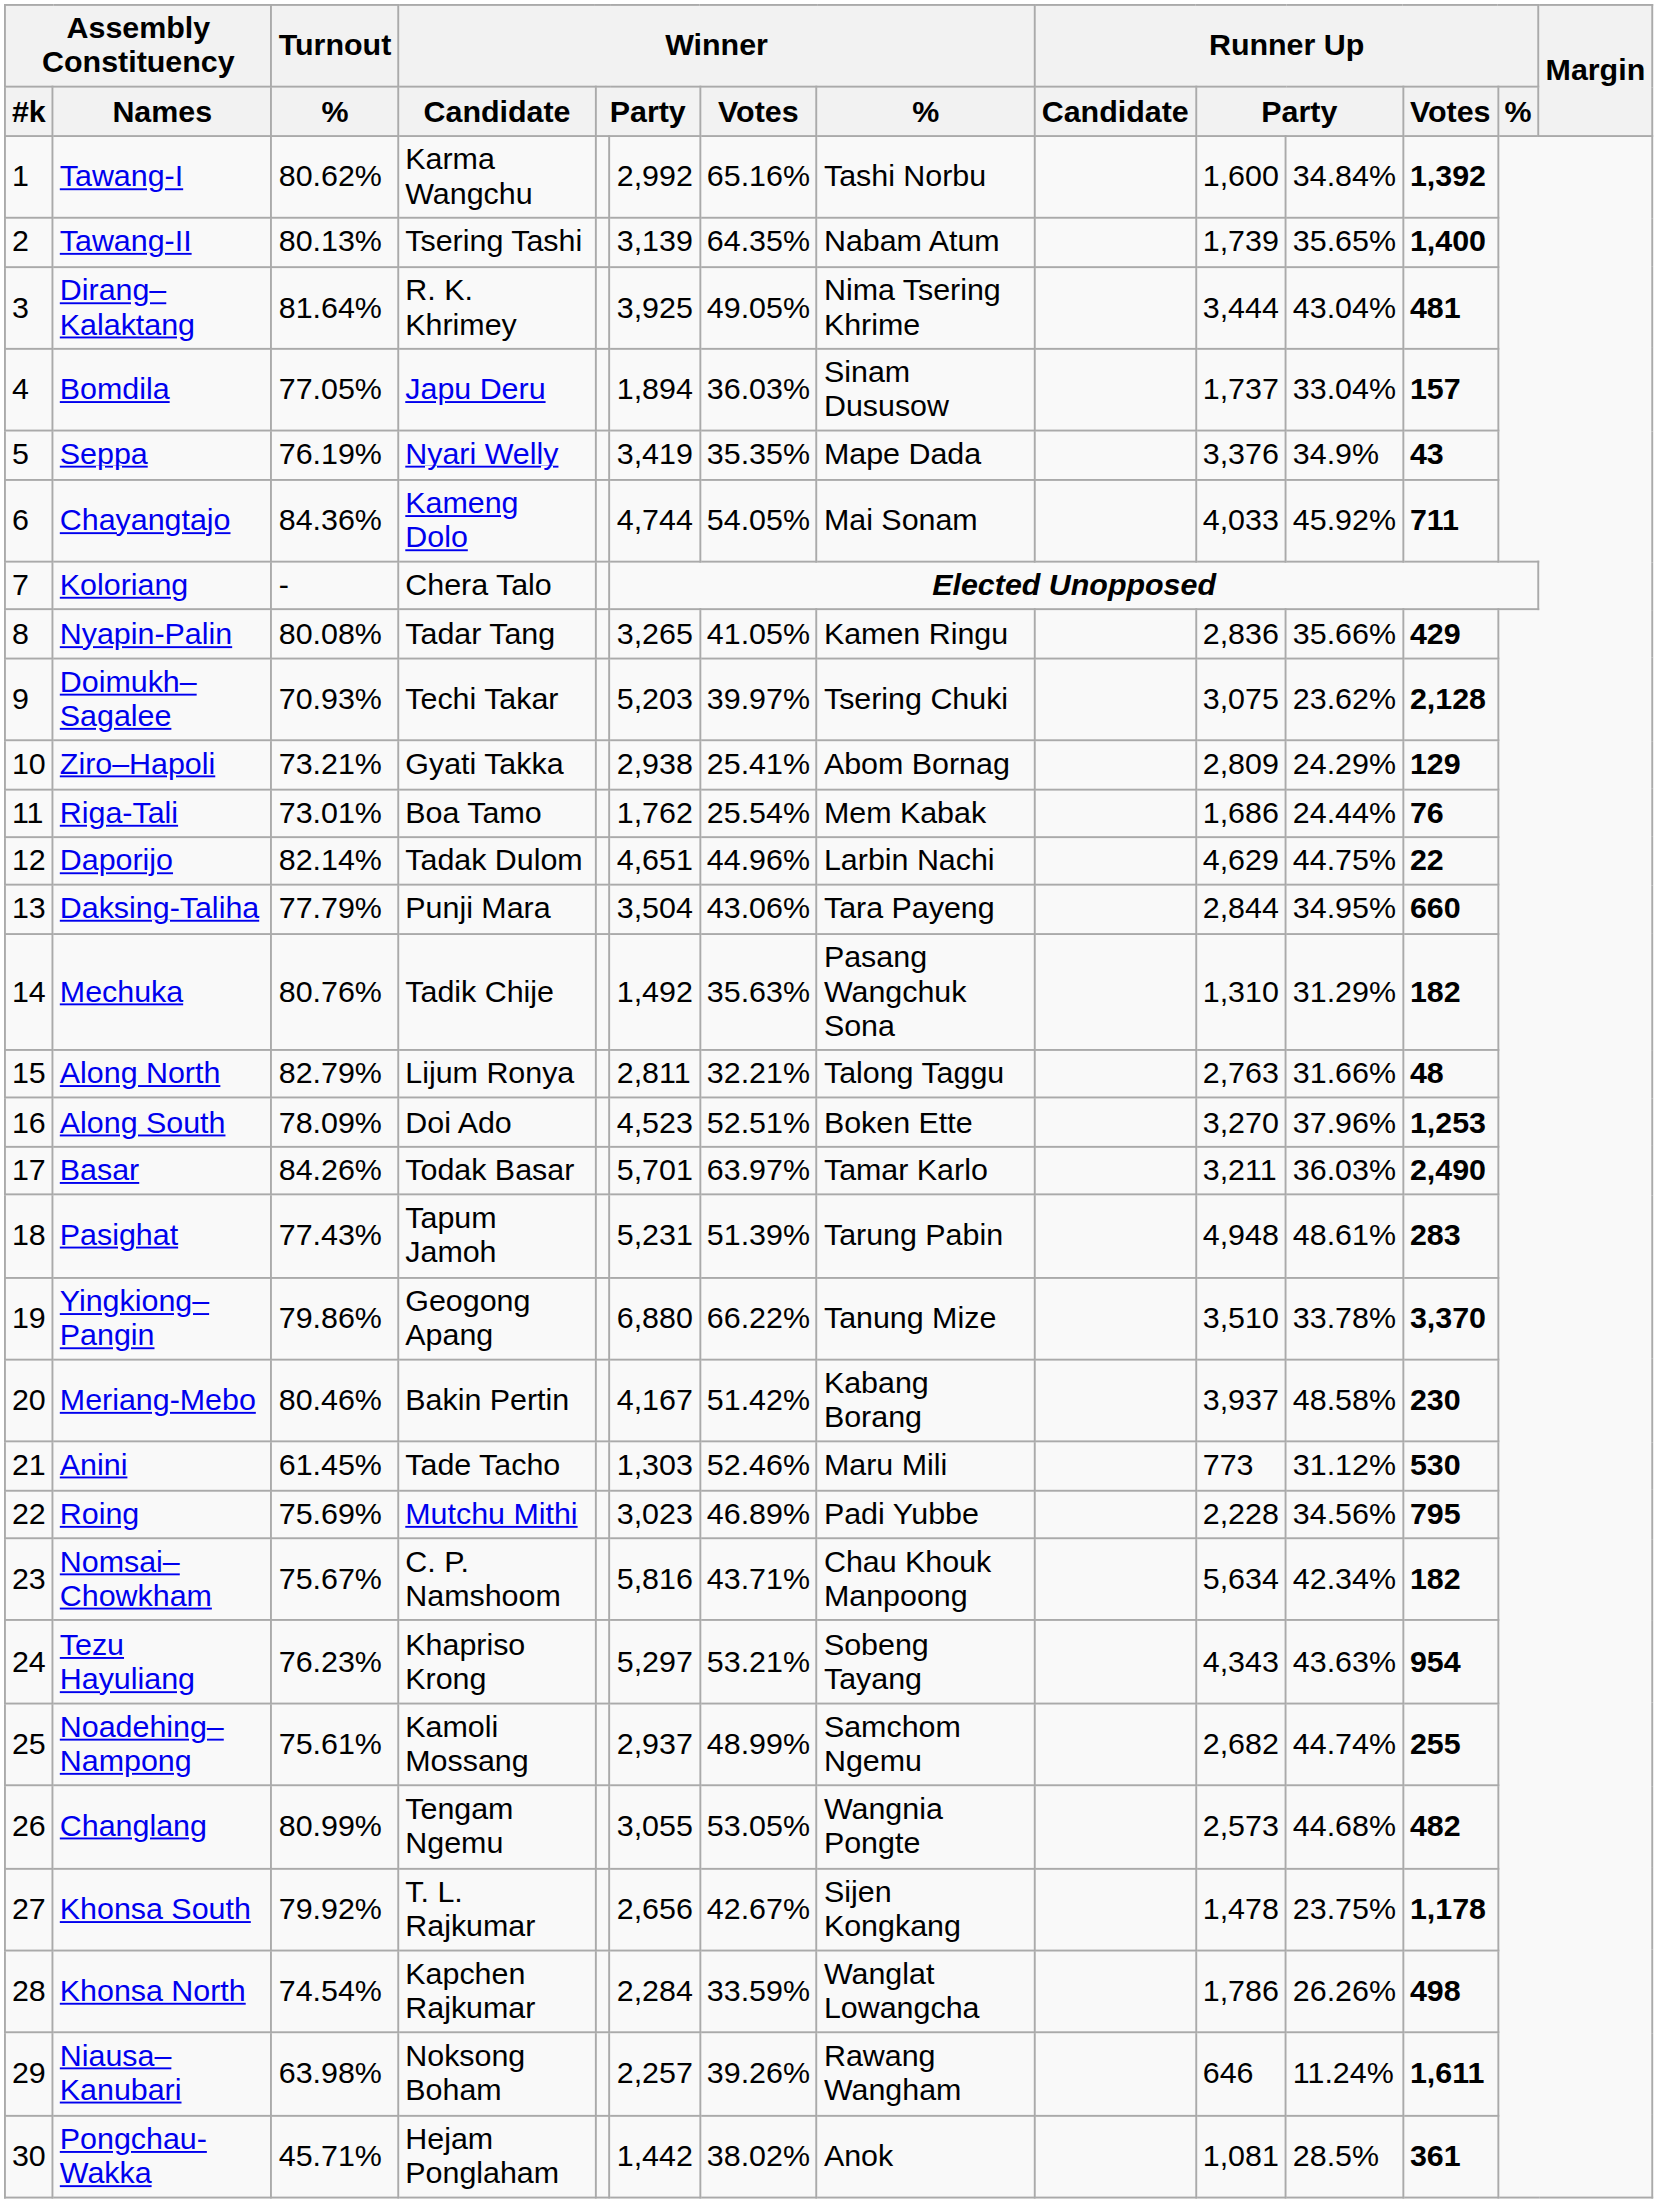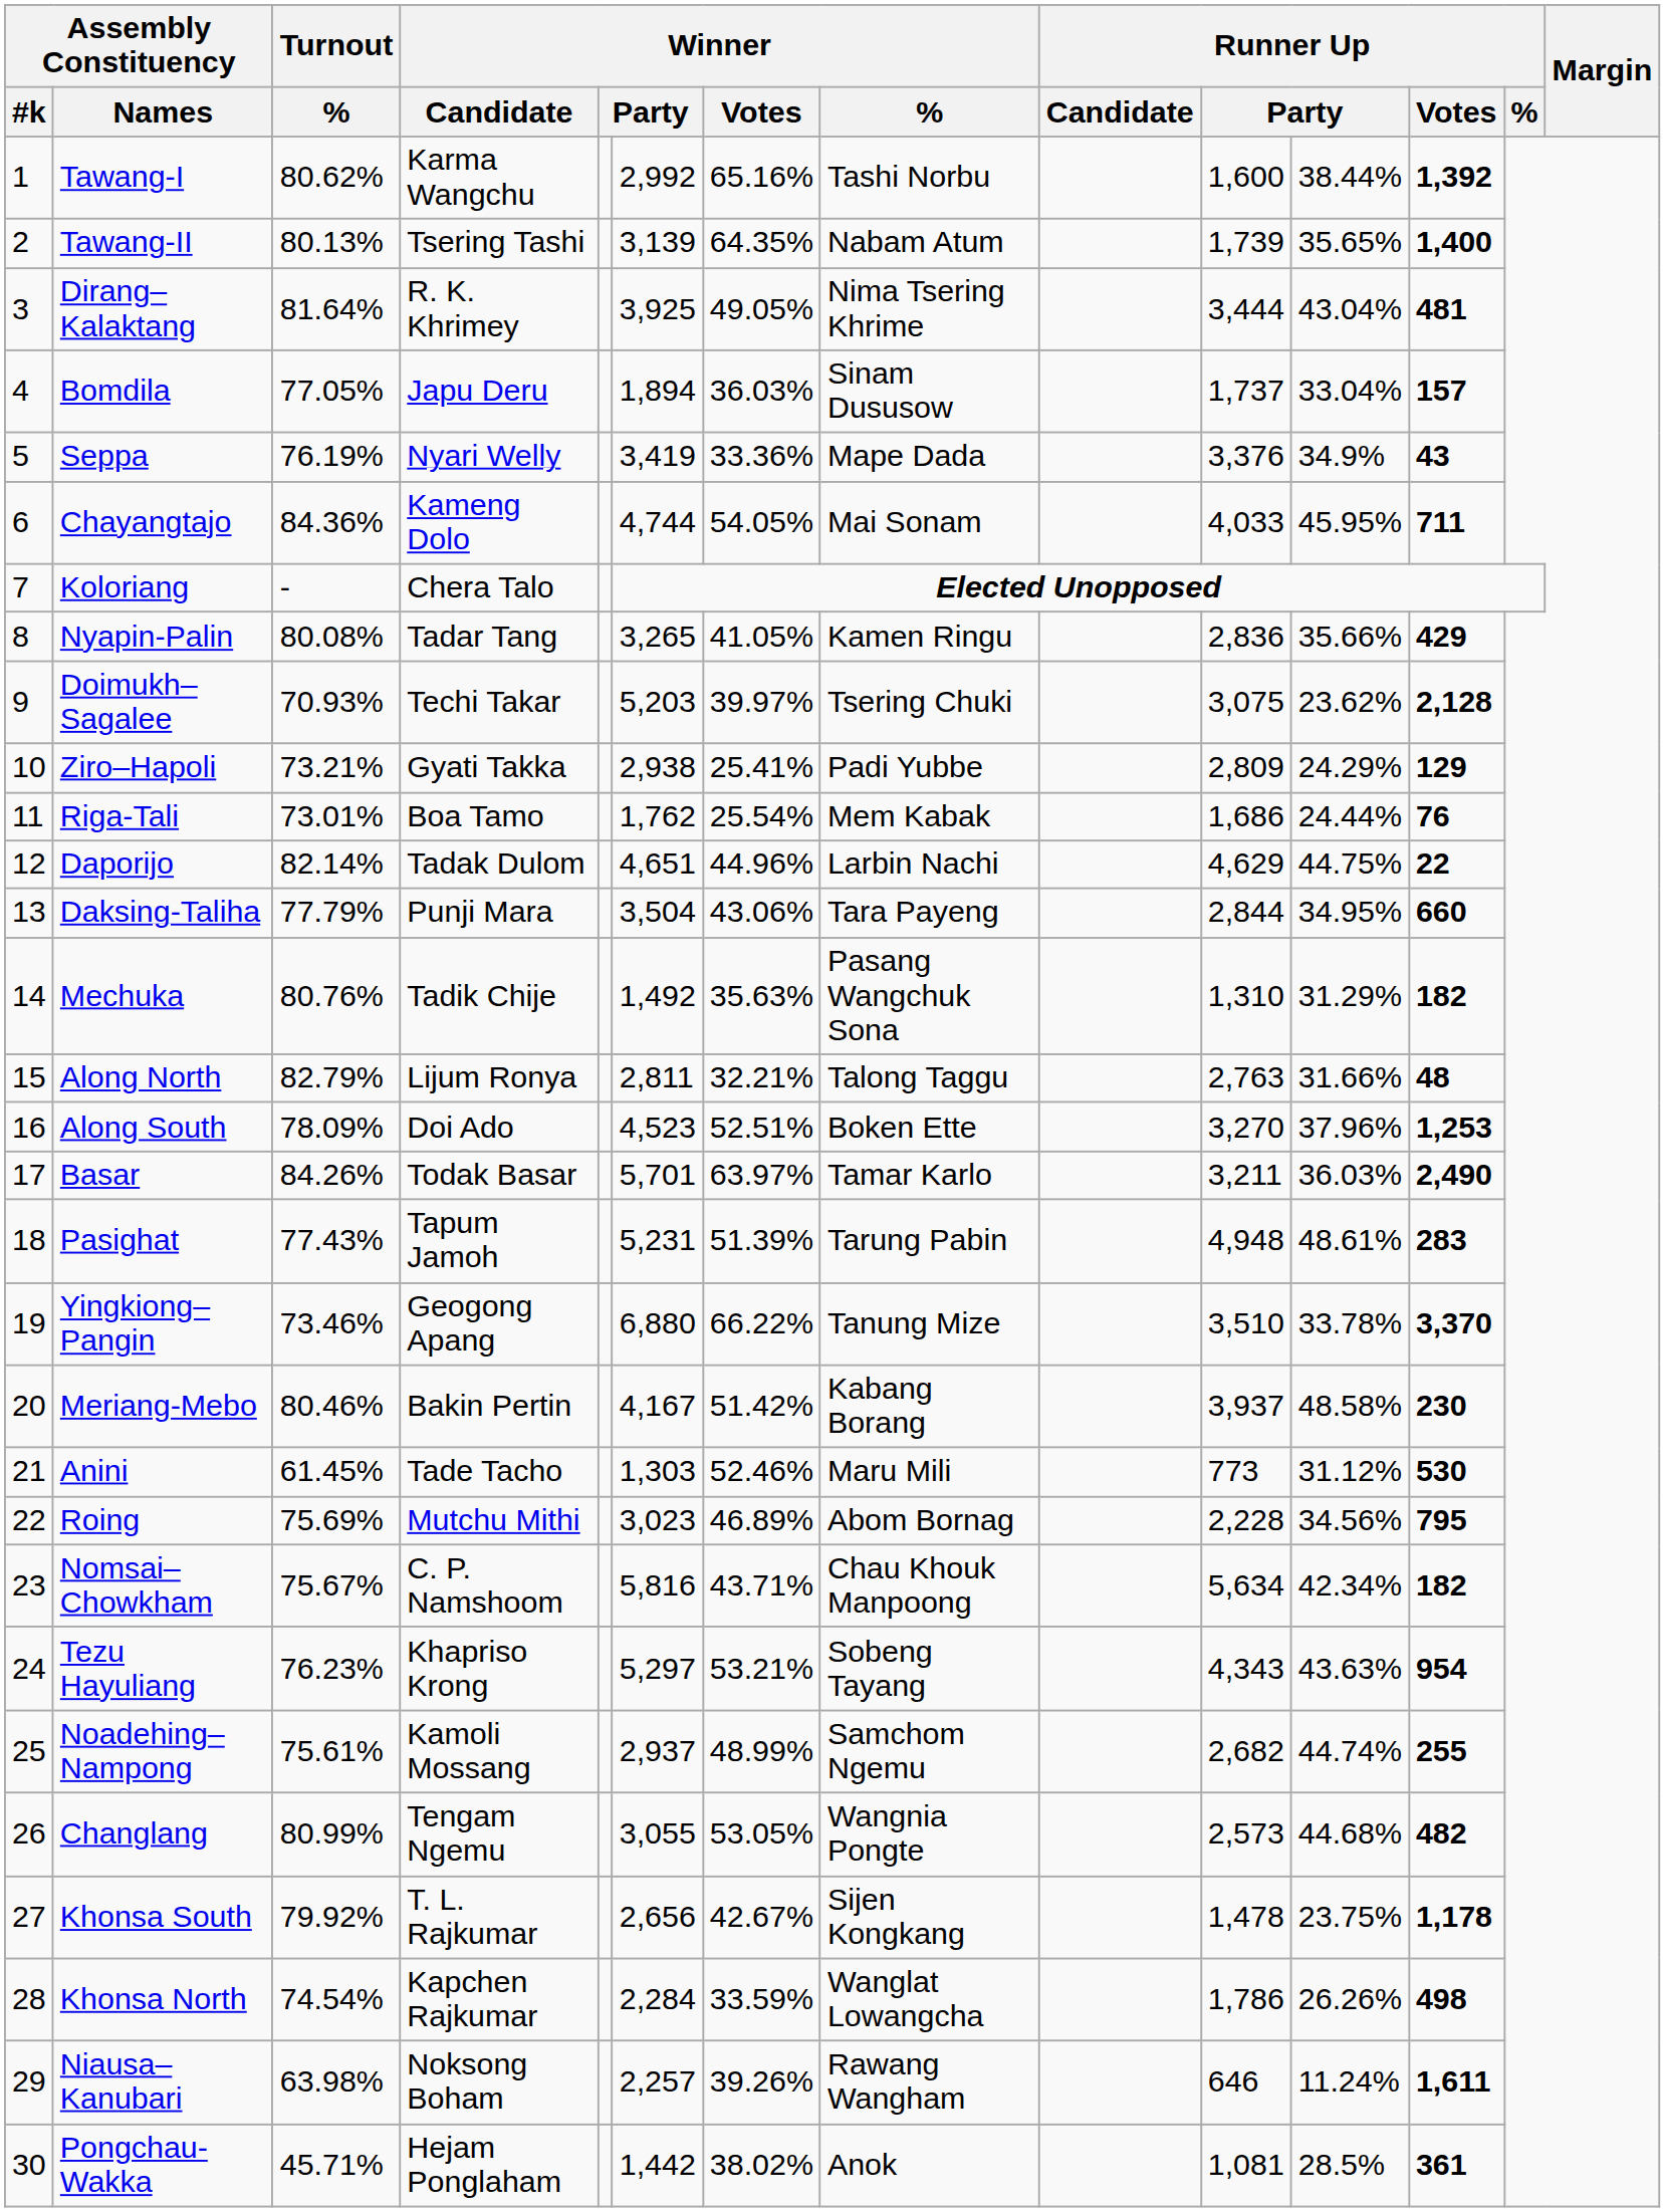 <table class="wikitable sortable">
 <tr>
 <th colspan="2">Assembly Constituency</th>
 <th>Turnout</th>
 <th colspan="5">Winner</th>
 <th colspan="5">Runner Up</th>
 <th rowspan="2" data-sort-type=number>Margin</th>
 </tr>
 <tr>
 <th>#k</th>
 <th>Names</th>
 <th>%</th>
 <th>Candidate</th>
 <th colspan="2">Party</th>
 <th data-sort-type=number>Votes</th>
 <th>%</th>
 <th>Candidate</th>
 <th colspan="2">Party</th>
 <th data-sort-type=number>Votes</th>
 <th>%</th>
 </tr>
 <tr>
 <td>1</td>
 <td><a href='#'>Tawang-I</a></td>
 <td>80.62%</td>
 <td>Karma Wangchu</td>
 <td></td>
 <td>2,992</td>
 <td>65.16%</td>
 <td>Tashi Norbu</td>
 <td></td>
 <td>1,600</td>
-<td>34.84%</td>
+<td>38.44%</td>
 <td style="background:"><span><strong>1,392</strong></span></td>
 </tr>
 <tr>
 <td>2</td>
 <td><a href='#'>Tawang-II</a></td>
 <td>80.13%</td>
 <td>Tsering Tashi</td>
 <td></td>
 <td>3,139</td>
 <td>64.35%</td>
 <td>Nabam Atum</td>
 <td></td>
 <td>1,739</td>
 <td>35.65%</td>
 <td style="background:"><span><strong>1,400</strong></span></td>
 </tr>
 <tr>
 <td>3</td>
 <td><a href='#'>Dirang–Kalaktang</a></td>
 <td>81.64%</td>
 <td>R. K. Khrimey</td>
 <td></td>
 <td>3,925</td>
 <td>49.05%</td>
 <td>Nima Tsering Khrime</td>
 <td></td>
 <td>3,444</td>
 <td>43.04%</td>
 <td style="background:"><span><strong>481</strong></span></td>
 </tr>
 <tr>
 <td>4</td>
 <td><a href='#'>Bomdila</a></td>
 <td>77.05%</td>
 <td><a href='#'>Japu Deru</a></td>
 <td></td>
 <td>1,894</td>
 <td>36.03%</td>
 <td>Sinam Dususow</td>
 <td></td>
 <td>1,737</td>
 <td>33.04%</td>
 <td style="background:"><span><strong>157</strong></span></td>
 </tr>
 <tr>
 <td>5</td>
 <td><a href='#'>Seppa</a></td>
 <td>76.19%</td>
 <td><a href='#'>Nyari Welly</a></td>
 <td></td>
 <td>3,419</td>
-<td>35.35%</td>
+<td>33.36%</td>
 <td>Mape Dada</td>
 <td></td>
 <td>3,376</td>
 <td>34.9%</td>
 <td style="background:"><span><strong>43</strong></span></td>
 </tr>
 <tr>
 <td>6</td>
 <td><a href='#'>Chayangtajo</a></td>
 <td>84.36%</td>
 <td><a href='#'>Kameng Dolo</a></td>
 <td></td>
 <td>4,744</td>
 <td>54.05%</td>
 <td>Mai Sonam</td>
 <td></td>
 <td>4,033</td>
-<td>45.92%</td>
+<td>45.95%</td>
 <td style="background:"><span><strong>711</strong></span></td>
 </tr>
 <tr>
 <td>7</td>
 <td><a href='#'>Koloriang</a></td>
 <td>-</td>
 <td>Chera Talo</td>
 <td></td>
 <td colspan=8 style="text-align:center;"><strong><em>Elected Unopposed</em></strong></td>
 </tr>
 <tr>
 <td>8</td>
 <td><a href='#'>Nyapin-Palin</a></td>
 <td>80.08%</td>
 <td>Tadar Tang</td>
 <td></td>
 <td>3,265</td>
 <td>41.05%</td>
 <td>Kamen Ringu</td>
 <td></td>
 <td>2,836</td>
 <td>35.66%</td>
 <td style="background:"><span><strong>429</strong></span></td>
 </tr>
 <tr>
 <td>9</td>
 <td><a href='#'>Doimukh–Sagalee</a></td>
 <td>70.93%</td>
 <td>Techi Takar</td>
 <td></td>
 <td>5,203</td>
 <td>39.97%</td>
 <td>Tsering Chuki</td>
 <td></td>
 <td>3,075</td>
 <td>23.62%</td>
 <td style="background:"><span><strong>2,128</strong></span></td>
 </tr>
 <tr>
 <td>10</td>
 <td><a href='#'>Ziro–Hapoli</a></td>
 <td>73.21%</td>
 <td>Gyati Takka</td>
 <td></td>
 <td>2,938</td>
 <td>25.41%</td>
-<td>Abom Bornag</td>
+<td>Padi Yubbe</td>
 <td></td>
 <td>2,809</td>
 <td>24.29%</td>
 <td style="background:"><span><strong>129</strong></span></td>
 </tr>
 <tr>
 <td>11</td>
 <td><a href='#'>Riga-Tali</a></td>
 <td>73.01%</td>
 <td>Boa Tamo</td>
 <td></td>
 <td>1,762</td>
 <td>25.54%</td>
 <td>Mem Kabak</td>
 <td></td>
 <td>1,686</td>
 <td>24.44%</td>
 <td style="background:"><span><strong>76</strong></span></td>
 </tr>
 <tr>
 <td>12</td>
 <td><a href='#'>Daporijo</a></td>
 <td>82.14%</td>
 <td>Tadak Dulom</td>
 <td></td>
 <td>4,651</td>
 <td>44.96%</td>
 <td>Larbin Nachi</td>
 <td></td>
 <td>4,629</td>
 <td>44.75%</td>
 <td style="background:"><span><strong>22</strong></span></td>
 </tr>
 <tr>
 <td>13</td>
 <td><a href='#'>Daksing-Taliha</a></td>
 <td>77.79%</td>
 <td>Punji Mara</td>
 <td></td>
 <td>3,504</td>
 <td>43.06%</td>
 <td>Tara Payeng</td>
 <td></td>
 <td>2,844</td>
 <td>34.95%</td>
 <td style="background:"><span><strong>660</strong></span></td>
 </tr>
 <tr>
 <td>14</td>
 <td><a href='#'>Mechuka</a></td>
 <td>80.76%</td>
 <td>Tadik Chije</td>
 <td></td>
 <td>1,492</td>
 <td>35.63%</td>
 <td>Pasang Wangchuk Sona</td>
 <td></td>
 <td>1,310</td>
 <td>31.29%</td>
 <td style="background:"><span><strong>182</strong></span></td>
 </tr>
 <tr>
 <td>15</td>
 <td><a href='#'>Along North</a></td>
 <td>82.79%</td>
 <td>Lijum Ronya</td>
 <td></td>
 <td>2,811</td>
 <td>32.21%</td>
 <td>Talong Taggu</td>
 <td></td>
 <td>2,763</td>
 <td>31.66%</td>
 <td style="background:"><span><strong>48</strong></span></td>
 </tr>
 <tr>
 <td>16</td>
 <td><a href='#'>Along South</a></td>
 <td>78.09%</td>
 <td>Doi Ado</td>
 <td></td>
 <td>4,523</td>
 <td>52.51%</td>
 <td>Boken Ette</td>
 <td></td>
 <td>3,270</td>
 <td>37.96%</td>
 <td style="background:"><span><strong>1,253</strong></span></td>
 </tr>
 <tr>
 <td>17</td>
 <td><a href='#'>Basar</a></td>
 <td>84.26%</td>
 <td>Todak Basar</td>
 <td></td>
 <td>5,701</td>
 <td>63.97%</td>
 <td>Tamar Karlo</td>
 <td></td>
 <td>3,211</td>
 <td>36.03%</td>
 <td style="background:"><span><strong>2,490</strong></span></td>
 </tr>
 <tr>
 <td>18</td>
 <td><a href='#'>Pasighat</a></td>
 <td>77.43%</td>
 <td>Tapum Jamoh</td>
 <td></td>
 <td>5,231</td>
 <td>51.39%</td>
 <td>Tarung Pabin</td>
 <td></td>
 <td>4,948</td>
 <td>48.61%</td>
 <td style="background:"><span><strong>283</strong></span></td>
 </tr>
 <tr>
 <td>19</td>
 <td><a href='#'>Yingkiong–Pangin</a></td>
-<td>79.86%</td>
+<td>73.46%</td>
 <td>Geogong Apang</td>
 <td></td>
 <td>6,880</td>
 <td>66.22%</td>
 <td>Tanung Mize</td>
 <td></td>
 <td>3,510</td>
 <td>33.78%</td>
 <td style="background:"><span><strong>3,370</strong></span></td>
 </tr>
 <tr>
 <td>20</td>
 <td><a href='#'>Meriang-Mebo</a></td>
 <td>80.46%</td>
 <td>Bakin Pertin</td>
 <td></td>
 <td>4,167</td>
 <td>51.42%</td>
 <td>Kabang Borang</td>
 <td></td>
 <td>3,937</td>
 <td>48.58%</td>
 <td style="background:"><span><strong>230</strong></span></td>
 </tr>
 <tr>
 <td>21</td>
 <td><a href='#'>Anini</a></td>
 <td>61.45%</td>
 <td>Tade Tacho</td>
 <td></td>
 <td>1,303</td>
 <td>52.46%</td>
 <td>Maru Mili</td>
 <td></td>
 <td>773</td>
 <td>31.12%</td>
 <td style="background:"><span><strong>530</strong></span></td>
 </tr>
 <tr>
 <td>22</td>
 <td><a href='#'>Roing</a></td>
 <td>75.69%</td>
 <td><a href='#'>Mutchu Mithi</a></td>
 <td></td>
 <td>3,023</td>
 <td>46.89%</td>
-<td>Padi Yubbe</td>
+<td>Abom Bornag</td>
 <td></td>
 <td>2,228</td>
 <td>34.56%</td>
 <td style="background:"><span><strong>795</strong></span></td>
 </tr>
 <tr>
 <td>23</td>
 <td><a href='#'>Nomsai–Chowkham</a></td>
 <td>75.67%</td>
 <td>C. P. Namshoom</td>
 <td></td>
 <td>5,816</td>
 <td>43.71%</td>
 <td>Chau Khouk Manpoong</td>
 <td></td>
 <td>5,634</td>
 <td>42.34%</td>
 <td style="background:"><span><strong>182</strong></span></td>
 </tr>
 <tr>
 <td>24</td>
 <td><a href='#'>Tezu Hayuliang</a></td>
 <td>76.23%</td>
 <td>Khapriso Krong</td>
 <td></td>
 <td>5,297</td>
 <td>53.21%</td>
 <td>Sobeng Tayang</td>
 <td></td>
 <td>4,343</td>
 <td>43.63%</td>
 <td style="background:"><span><strong>954</strong></span></td>
 </tr>
 <tr>
 <td>25</td>
 <td><a href='#'>Noadehing–Nampong</a></td>
 <td>75.61%</td>
 <td>Kamoli Mossang</td>
 <td></td>
 <td>2,937</td>
 <td>48.99%</td>
 <td>Samchom Ngemu</td>
 <td></td>
 <td>2,682</td>
 <td>44.74%</td>
 <td style="background:"><span><strong>255</strong></span></td>
 </tr>
 <tr>
 <td>26</td>
 <td><a href='#'>Changlang</a></td>
 <td>80.99%</td>
 <td>Tengam Ngemu</td>
 <td></td>
 <td>3,055</td>
 <td>53.05%</td>
 <td>Wangnia Pongte</td>
 <td></td>
 <td>2,573</td>
 <td>44.68%</td>
 <td style="background:"><span><strong>482</strong></span></td>
 </tr>
 <tr>
 <td>27</td>
 <td><a href='#'>Khonsa South</a></td>
 <td>79.92%</td>
 <td>T. L. Rajkumar</td>
 <td></td>
 <td>2,656</td>
 <td>42.67%</td>
 <td>Sijen Kongkang</td>
 <td></td>
 <td>1,478</td>
 <td>23.75%</td>
 <td style="background:"><span><strong>1,178</strong></span></td>
 </tr>
 <tr>
 <td>28</td>
 <td><a href='#'>Khonsa North</a></td>
 <td>74.54%</td>
 <td>Kapchen Rajkumar</td>
 <td></td>
 <td>2,284</td>
 <td>33.59%</td>
 <td>Wanglat Lowangcha</td>
 <td></td>
 <td>1,786</td>
 <td>26.26%</td>
 <td style="background:"><span><strong>498</strong></span></td>
 </tr>
 <tr>
 <td>29</td>
 <td><a href='#'>Niausa–Kanubari</a></td>
 <td>63.98%</td>
 <td>Noksong Boham</td>
 <td></td>
 <td>2,257</td>
 <td>39.26%</td>
 <td>Rawang Wangham</td>
 <td></td>
 <td>646</td>
 <td>11.24%</td>
 <td style="background:"><span><strong>1,611</strong></span></td>
 </tr>
 <tr>
 <td>30</td>
 <td><a href='#'>Pongchau-Wakka</a></td>
 <td>45.71%</td>
 <td>Hejam Ponglaham</td>
 <td></td>
 <td>1,442</td>
 <td>38.02%</td>
 <td>Anok</td>
 <td></td>
 <td>1,081</td>
 <td>28.5%</td>
 <td style="background:"><span><strong>361</strong></span></td>
 </tr>
 </table>
